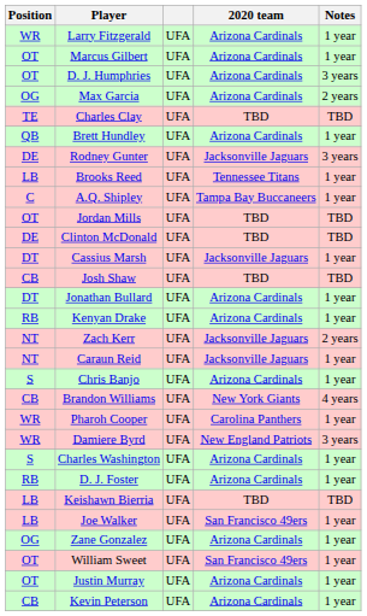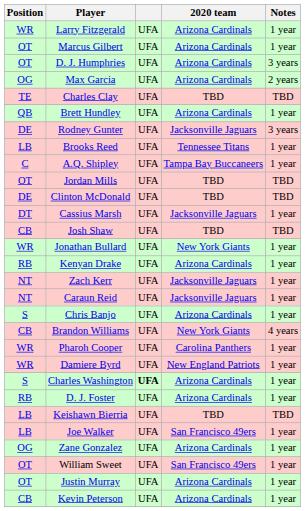 <table class="wikitable" style="text-align:center">
 <tr>
 <th>Position</th>
 <th>Player</th>
 <th></th>
 <th>2020 team</th>
 <th>Notes</th>
 </tr>
 <tr style="background:#cfc">
 <td><a href='#'>WR</a></td>
 <td><a href='#'>Larry Fitzgerald</a></td>
 <td>UFA</td>
 <td><a href='#'>Arizona Cardinals</a></td>
 <td>1 year</td>
 </tr>
 <tr style="background:#cfc">
 <td><a href='#'>OT</a></td>
 <td><a href='#'>Marcus Gilbert</a></td>
 <td>UFA</td>
 <td><a href='#'>Arizona Cardinals</a></td>
 <td>1 year</td>
 </tr>
 <tr style="background:#cfc">
 <td><a href='#'>OT</a></td>
 <td><a href='#'>D. J. Humphries</a></td>
 <td>UFA</td>
 <td><a href='#'>Arizona Cardinals</a></td>
 <td>3 years</td>
 </tr>
 <tr style="background:#cfc">
 <td><a href='#'>OG</a></td>
 <td><a href='#'>Max Garcia</a></td>
 <td>UFA</td>
 <td><a href='#'>Arizona Cardinals</a></td>
 <td>2 years</td>
 </tr>
 <tr style="background:#fcc">
 <td><a href='#'>TE</a></td>
 <td><a href='#'>Charles Clay</a></td>
 <td>UFA</td>
 <td>TBD</td>
 <td>TBD</td>
 </tr>
 <tr style="background:#cfc">
 <td><a href='#'>QB</a></td>
 <td><a href='#'>Brett Hundley</a></td>
 <td>UFA</td>
 <td><a href='#'>Arizona Cardinals</a></td>
 <td>1 year</td>
 </tr>
 <tr style="background:#fcc">
 <td><a href='#'>DE</a></td>
 <td><a href='#'>Rodney Gunter</a></td>
 <td>UFA</td>
 <td><a href='#'>Jacksonville Jaguars</a></td>
 <td>3 years</td>
 </tr>
 <tr style="background:#fcc">
 <td><a href='#'>LB</a></td>
 <td><a href='#'>Brooks Reed</a></td>
 <td>UFA</td>
 <td><a href='#'>Tennessee Titans</a></td>
 <td>1 year</td>
 </tr>
 <tr style="background:#fcc">
 <td><a href='#'>C</a></td>
 <td><a href='#'>A.Q. Shipley</a></td>
 <td>UFA</td>
 <td><a href='#'>Tampa Bay Buccaneers</a></td>
 <td>1 year</td>
 </tr>
 <tr style="background:#fcc">
 <td><a href='#'>OT</a></td>
 <td><a href='#'>Jordan Mills</a></td>
 <td>UFA</td>
 <td>TBD</td>
 <td>TBD</td>
 </tr>
 <tr style="background:#fcc">
 <td><a href='#'>DE</a></td>
 <td><a href='#'>Clinton McDonald</a></td>
 <td>UFA</td>
 <td>TBD</td>
 <td>TBD</td>
 </tr>
 <tr style="background:#fcc">
 <td><a href='#'>DT</a></td>
 <td><a href='#'>Cassius Marsh</a></td>
 <td>UFA</td>
 <td><a href='#'>Jacksonville Jaguars</a></td>
 <td>1 year</td>
 </tr>
 <tr style="background:#fcc">
 <td><a href='#'>CB</a></td>
 <td><a href='#'>Josh Shaw</a></td>
 <td>UFA</td>
 <td>TBD</td>
 <td>TBD</td>
 </tr>
 <tr style="background:#cfc">
-<td><a href='#'>DT</a></td>
+<td><a href='#'>WR</a></td>
 <td><a href='#'>Jonathan Bullard</a></td>
 <td>UFA</td>
-<td><a href='#'>Arizona Cardinals</a></td>
+<td><a href='#'>New York Giants</a></td>
 <td>1 year</td>
 </tr>
 <tr style="background:#cfc">
 <td><a href='#'>RB</a></td>
 <td><a href='#'>Kenyan Drake</a></td>
 <td>UFA</td>
 <td><a href='#'>Arizona Cardinals</a></td>
 <td>1 year</td>
 </tr>
 <tr style="background:#fcc">
 <td><a href='#'>NT</a></td>
 <td><a href='#'>Zach Kerr</a></td>
 <td>UFA</td>
 <td><a href='#'>Jacksonville Jaguars</a></td>
-<td>2 years</td>
+<td>1 year</td>
 </tr>
 <tr style="background:#fcc">
 <td><a href='#'>NT</a></td>
 <td><a href='#'>Caraun Reid</a></td>
 <td>UFA</td>
 <td><a href='#'>Jacksonville Jaguars</a></td>
 <td>1 year</td>
 </tr>
 <tr style="background:#cfc">
 <td><a href='#'>S</a></td>
 <td><a href='#'>Chris Banjo</a></td>
 <td>UFA</td>
 <td><a href='#'>Arizona Cardinals</a></td>
 <td>1 year</td>
 </tr>
 <tr style="background:#fcc">
 <td><a href='#'>CB</a></td>
 <td><a href='#'>Brandon Williams</a></td>
 <td>UFA</td>
 <td><a href='#'>New York Giants</a></td>
 <td>4 years</td>
 </tr>
 <tr style="background:#fcc">
 <td><a href='#'>WR</a></td>
 <td><a href='#'>Pharoh Cooper</a></td>
 <td>UFA</td>
 <td><a href='#'>Carolina Panthers</a></td>
 <td>1 year</td>
 </tr>
 <tr style="background:#fcc">
 <td><a href='#'>WR</a></td>
 <td><a href='#'>Damiere Byrd</a></td>
 <td>UFA</td>
 <td><a href='#'>New England Patriots</a></td>
-<td>3 years</td>
+<td>1 year</td>
 </tr>
 <tr style="background:#cfc">
 <td><a href='#'>S</a></td>
 <td><a href='#'>Charles Washington</a></td>
-<td>UFA</td>
+<td><strong>UFA</strong></td>
 <td><a href='#'>Arizona Cardinals</a></td>
 <td>1 year</td>
 </tr>
 <tr style="background:#cfc">
 <td><a href='#'>RB</a></td>
 <td><a href='#'>D. J. Foster</a></td>
 <td>UFA</td>
 <td><a href='#'>Arizona Cardinals</a></td>
 <td>1 year</td>
 </tr>
 <tr style="background:#fcc">
 <td><a href='#'>LB</a></td>
 <td><a href='#'>Keishawn Bierria</a></td>
 <td>UFA</td>
 <td>TBD</td>
 <td>TBD</td>
 </tr>
 <tr style="background:#fcc">
 <td><a href='#'>LB</a></td>
 <td><a href='#'>Joe Walker</a></td>
 <td>UFA</td>
 <td><a href='#'>San Francisco 49ers</a></td>
 <td>1 year</td>
 </tr>
 <tr style="background:#cfc">
 <td><a href='#'>OG</a></td>
 <td><a href='#'>Zane Gonzalez</a></td>
 <td>UFA</td>
 <td><a href='#'>Arizona Cardinals</a></td>
 <td>1 year</td>
 </tr>
 <tr style="background:#fcc">
 <td><a href='#'>OT</a></td>
 <td>William Sweet</td>
 <td>UFA</td>
 <td><a href='#'>San Francisco 49ers</a></td>
 <td>1 year</td>
 </tr>
 <tr style="background:#cfc">
 <td><a href='#'>OT</a></td>
 <td><a href='#'>Justin Murray</a></td>
 <td>UFA</td>
 <td><a href='#'>Arizona Cardinals</a></td>
 <td>1 year</td>
 </tr>
 <tr style="background:#cfc">
 <td><a href='#'>CB</a></td>
 <td><a href='#'>Kevin Peterson</a></td>
 <td>UFA</td>
 <td><a href='#'>Arizona Cardinals</a></td>
 <td>1 year</td>
 </tr>
 </table>
